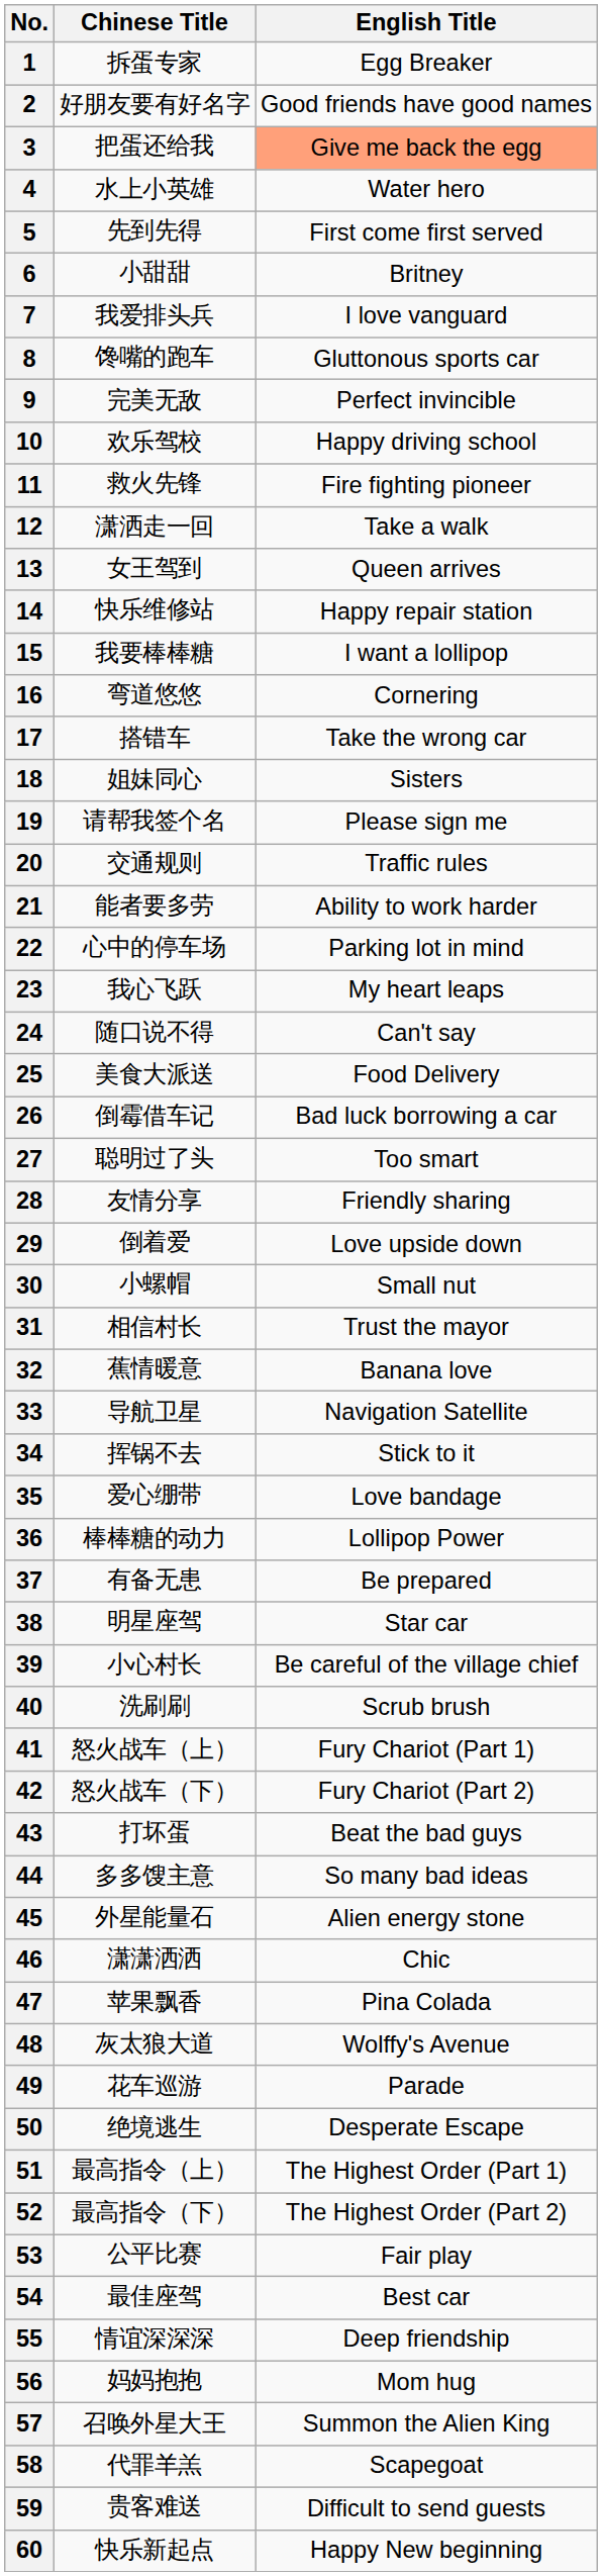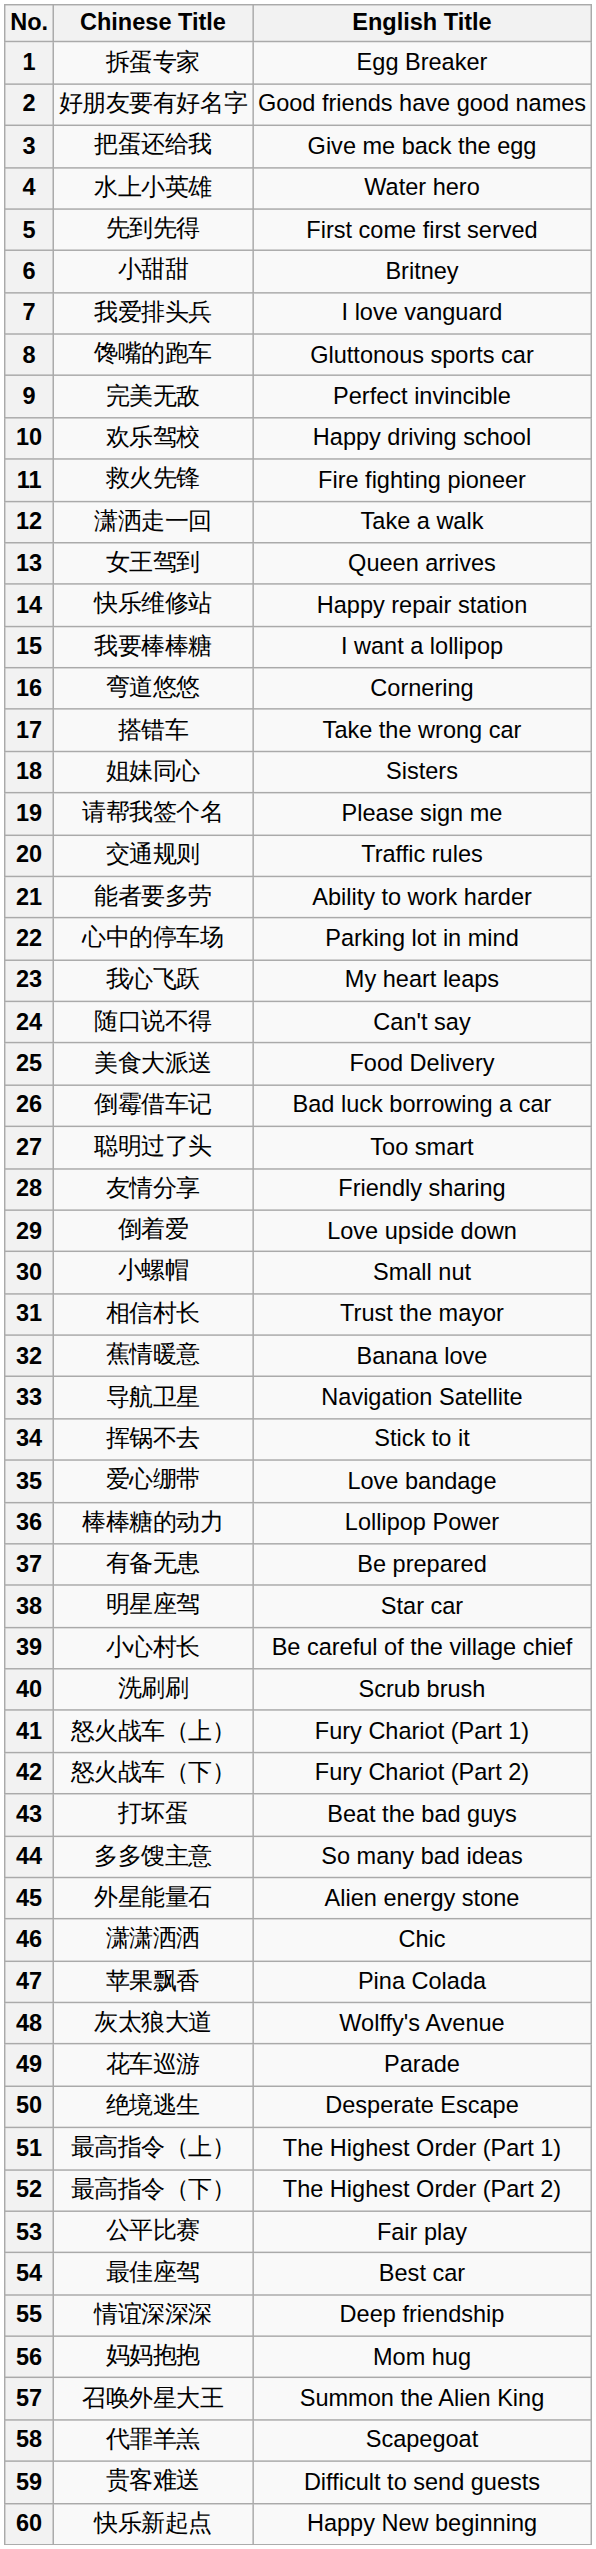 <table class="wikitable" style="text-align:center;">
 <tr>
 <th>No.</th>
 <th>Chinese Title</th>
 <th>English Title</th>
 </tr>
 <tr>
 <th>1</th>
 <td>拆蛋专家</td>
 <td>Egg Breaker</td>
 </tr>
 <tr>
 <th>2</th>
 <td>好朋友要有好名字</td>
 <td>Good friends have good names</td>
 </tr>
 <tr>
 <th>3</th>
 <td>把蛋还给我</td>
-<td style="background: lightsalmon;">Give me back the egg</td>
+<td>Give me back the egg</td>
 </tr>
 <tr>
 <th>4</th>
 <td>水上小英雄</td>
 <td>Water hero</td>
 </tr>
 <tr>
 <th>5</th>
 <td>先到先得</td>
 <td>First come first served</td>
 </tr>
 <tr>
 <th>6</th>
 <td>小甜甜</td>
 <td>Britney</td>
 </tr>
 <tr>
 <th>7</th>
 <td>我爱排头兵</td>
 <td>I love vanguard</td>
 </tr>
 <tr>
 <th>8</th>
 <td>馋嘴的跑车</td>
 <td>Gluttonous sports car</td>
 </tr>
 <tr>
 <th>9</th>
 <td>完美无敌</td>
 <td>Perfect invincible</td>
 </tr>
 <tr>
 <th>10</th>
 <td>欢乐驾校</td>
 <td>Happy driving school</td>
 </tr>
 <tr>
 <th>11</th>
 <td>救火先锋</td>
 <td>Fire fighting pioneer</td>
 </tr>
 <tr>
 <th>12</th>
 <td>潇洒走一回</td>
 <td>Take a walk</td>
 </tr>
 <tr>
 <th>13</th>
 <td>女王驾到</td>
 <td>Queen arrives</td>
 </tr>
 <tr>
 <th>14</th>
 <td>快乐维修站</td>
 <td>Happy repair station</td>
 </tr>
 <tr>
 <th>15</th>
 <td>我要棒棒糖</td>
 <td>I want a lollipop</td>
 </tr>
 <tr>
 <th>16</th>
 <td>弯道悠悠</td>
 <td>Cornering</td>
 </tr>
 <tr>
 <th>17</th>
 <td>搭错车</td>
 <td>Take the wrong car</td>
 </tr>
 <tr>
 <th>18</th>
 <td>姐妹同心</td>
 <td>Sisters</td>
 </tr>
 <tr>
 <th>19</th>
 <td>请帮我签个名</td>
 <td>Please sign me</td>
 </tr>
 <tr>
 <th>20</th>
 <td>交通规则</td>
 <td>Traffic rules</td>
 </tr>
 <tr>
 <th>21</th>
 <td>能者要多劳</td>
 <td>Ability to work harder</td>
 </tr>
 <tr>
 <th>22</th>
 <td>心中的停车场</td>
 <td>Parking lot in mind</td>
 </tr>
 <tr>
 <th>23</th>
 <td>我心飞跃</td>
 <td>My heart leaps</td>
 </tr>
 <tr>
 <th>24</th>
 <td>随口说不得</td>
 <td>Can't say</td>
 </tr>
 <tr>
 <th>25</th>
 <td>美食大派送</td>
 <td>Food Delivery</td>
 </tr>
 <tr>
 <th>26</th>
 <td>倒霉借车记</td>
 <td>Bad luck borrowing a car</td>
 </tr>
 <tr>
 <th>27</th>
 <td>聪明过了头</td>
 <td>Too smart</td>
 </tr>
 <tr>
 <th>28</th>
 <td>友情分享</td>
 <td>Friendly sharing</td>
 </tr>
 <tr>
 <th>29</th>
 <td>倒着爱</td>
 <td>Love upside down</td>
 </tr>
 <tr>
 <th>30</th>
 <td>小螺帽</td>
 <td>Small nut</td>
 </tr>
 <tr>
 <th>31</th>
 <td>相信村长</td>
 <td>Trust the mayor</td>
 </tr>
 <tr>
 <th>32</th>
 <td>蕉情暖意</td>
 <td>Banana love</td>
 </tr>
 <tr>
 <th>33</th>
 <td>导航卫星</td>
 <td>Navigation Satellite</td>
 </tr>
 <tr>
 <th>34</th>
 <td>挥锅不去</td>
 <td>Stick to it</td>
 </tr>
 <tr>
 <th>35</th>
 <td>爱心绷带</td>
 <td>Love bandage</td>
 </tr>
 <tr>
 <th>36</th>
 <td>棒棒糖的动力</td>
 <td>Lollipop Power</td>
 </tr>
 <tr>
 <th>37</th>
 <td>有备无患</td>
 <td>Be prepared</td>
 </tr>
 <tr>
 <th>38</th>
 <td>明星座驾</td>
 <td>Star car</td>
 </tr>
 <tr>
 <th>39</th>
 <td>小心村长</td>
 <td>Be careful of the village chief</td>
 </tr>
 <tr>
 <th>40</th>
 <td>洗刷刷</td>
 <td>Scrub brush</td>
 </tr>
 <tr>
 <th>41</th>
 <td>怒火战车（上）</td>
 <td>Fury Chariot (Part 1)</td>
 </tr>
 <tr>
 <th>42</th>
 <td>怒火战车（下）</td>
 <td>Fury Chariot (Part 2)</td>
 </tr>
 <tr>
 <th>43</th>
 <td>打坏蛋</td>
 <td>Beat the bad guys</td>
 </tr>
 <tr>
 <th>44</th>
 <td>多多馊主意</td>
 <td>So many bad ideas</td>
 </tr>
 <tr>
 <th>45</th>
 <td>外星能量石</td>
 <td>Alien energy stone</td>
 </tr>
 <tr>
 <th>46</th>
 <td>潇潇洒洒</td>
 <td>Chic</td>
 </tr>
 <tr>
 <th>47</th>
 <td>苹果飘香</td>
 <td>Pina Colada</td>
 </tr>
 <tr>
 <th>48</th>
 <td>灰太狼大道</td>
 <td>Wolffy's Avenue</td>
 </tr>
 <tr>
 <th>49</th>
 <td>花车巡游</td>
 <td>Parade</td>
 </tr>
 <tr>
 <th>50</th>
 <td>绝境逃生</td>
 <td>Desperate Escape</td>
 </tr>
 <tr>
 <th>51</th>
 <td>最高指令（上）</td>
 <td>The Highest Order (Part 1)</td>
 </tr>
 <tr>
 <th>52</th>
 <td>最高指令（下）</td>
 <td>The Highest Order (Part 2)</td>
 </tr>
 <tr>
 <th>53</th>
 <td>公平比赛</td>
 <td>Fair play</td>
 </tr>
 <tr>
 <th>54</th>
 <td>最佳座驾</td>
 <td>Best car</td>
 </tr>
 <tr>
 <th>55</th>
 <td>情谊深深深</td>
 <td>Deep friendship</td>
 </tr>
 <tr>
 <th>56</th>
 <td>妈妈抱抱</td>
 <td>Mom hug</td>
 </tr>
 <tr>
 <th>57</th>
 <td>召唤外星大王</td>
 <td>Summon the Alien King</td>
 </tr>
 <tr>
 <th>58</th>
 <td>代罪羊羔</td>
 <td>Scapegoat</td>
 </tr>
 <tr>
 <th>59</th>
 <td>贵客难送</td>
 <td>Difficult to send guests</td>
 </tr>
 <tr>
 <th>60</th>
 <td>快乐新起点</td>
 <td>Happy New beginning</td>
 </tr>
 <tr>
 </tr>
 </table>
